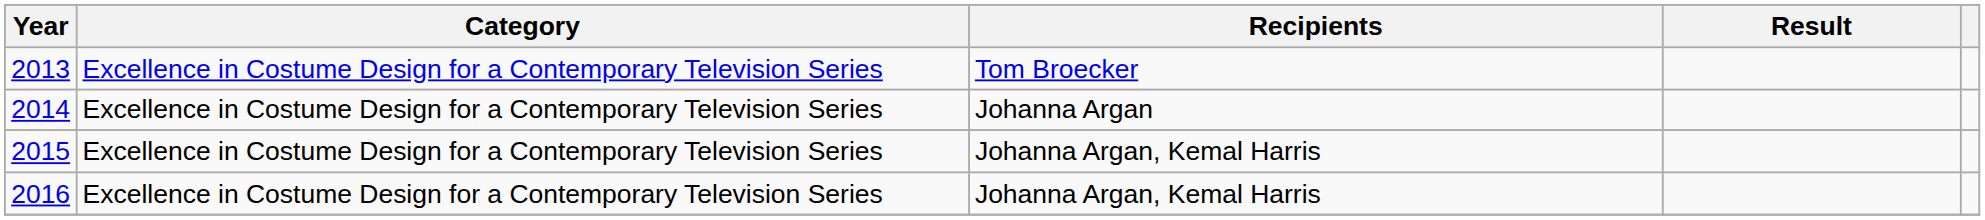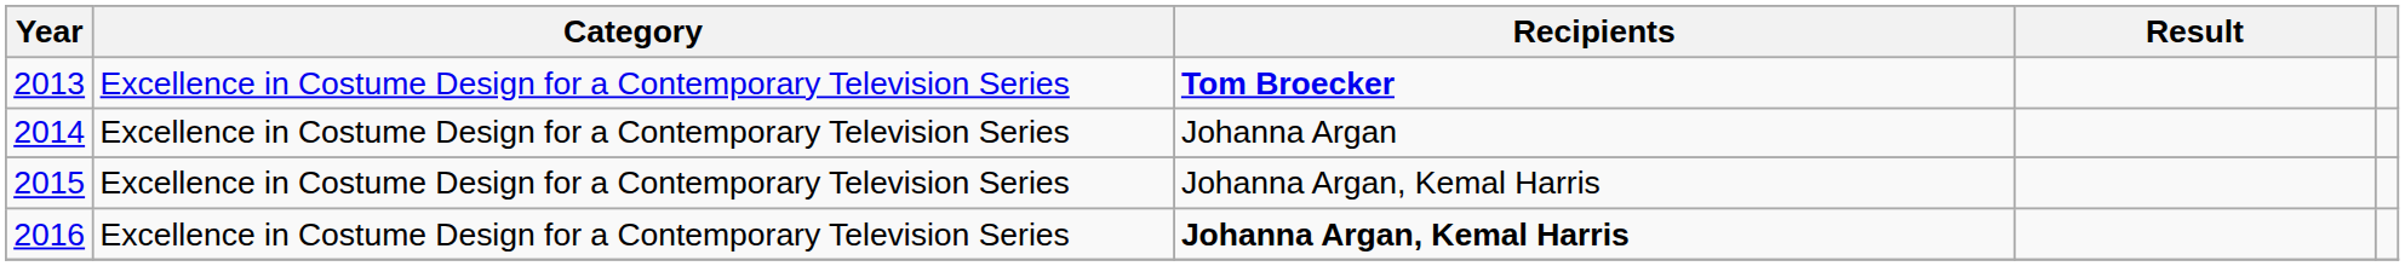 <table class="wikitable plainrowheaders" style="font-size: 90%" width=85%>
 <tr>
 <th scope="col" style="width:2%;">Year</th>
 <th scope="col" style="width:45%;">Category</th>
 <th scope="col" style="width:35%;">Recipients</th>
 <th scope="col" style="width:15%;">Result</th>
 <th scope="col" class="unsortable" style="width:1%;"></th>
 </tr>
 <tr>
 <td style="text-align:center;"><a href='#'>2013</a></td>
 <td><a href='#'>Excellence in Costume Design for a Contemporary Television Series</a></td>
-<td><a href='#'>Tom Broecker</a></td>
+<td><strong><a href='#'>Tom Broecker</a></strong></td>
 <td></td>
 <td style="text-align:center;"></td>
 </tr>
 <tr>
 <td style="text-align:center;"><a href='#'>2014</a></td>
 <td>Excellence in Costume Design for a Contemporary Television Series</td>
 <td>Johanna Argan</td>
 <td></td>
 <td style="text-align:center;"></td>
 </tr>
 <tr>
 <td style="text-align:center;"><a href='#'>2015</a></td>
 <td>Excellence in Costume Design for a Contemporary Television Series</td>
 <td>Johanna Argan, Kemal Harris</td>
 <td></td>
 <td style="text-align:center;"></td>
 </tr>
 <tr>
 <td style="text-align:center;"><a href='#'>2016</a></td>
 <td>Excellence in Costume Design for a Contemporary Television Series</td>
-<td>Johanna Argan, Kemal Harris</td>
+<td><strong>Johanna Argan, Kemal Harris</strong></td>
 <td></td>
 <td style="text-align:center;"></td>
 </tr>
 <tr>
 </tr>
 </table>
